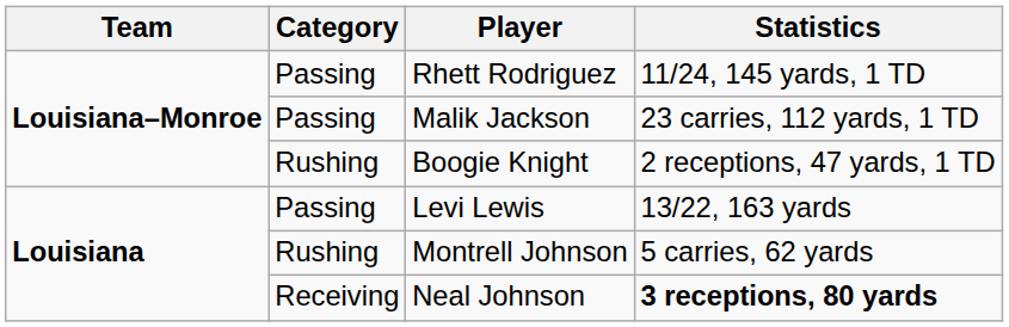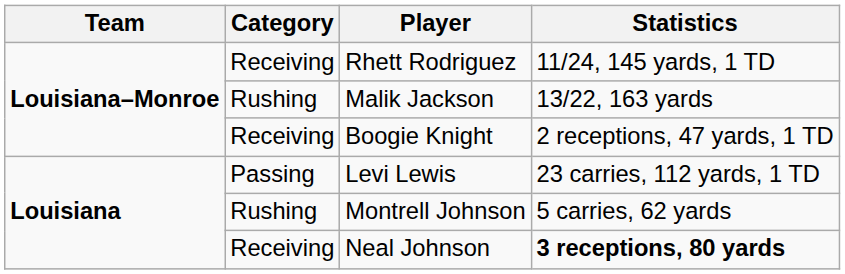 <table class="wikitable" style="float: left;">
 <tr>
 <th>Team</th>
 <th>Category</th>
 <th>Player</th>
 <th>Statistics</th>
 </tr>
 <tr>
 <td rowspan=3><strong>Louisiana–Monroe</strong></td>
-<td>Passing</td>
+<td>Receiving</td>
 <td>Rhett Rodriguez</td>
 <td>11/24, 145 yards, 1 TD</td>
 </tr>
 <tr>
-<td>Passing</td>
+<td>Rushing</td>
 <td>Malik Jackson</td>
-<td>23 carries, 112 yards, 1 TD</td>
+<td>13/22, 163 yards</td>
 </tr>
 <tr>
-<td>Rushing</td>
+<td>Receiving</td>
 <td>Boogie Knight</td>
 <td>2 receptions, 47 yards, 1 TD</td>
 </tr>
 <tr>
 <td rowspan=3><strong>Louisiana</strong></td>
 <td>Passing</td>
 <td>Levi Lewis</td>
-<td>13/22, 163 yards</td>
+<td>23 carries, 112 yards, 1 TD</td>
 </tr>
 <tr>
 <td>Rushing</td>
 <td>Montrell Johnson</td>
 <td>5 carries, 62 yards</td>
 </tr>
 <tr>
 <td>Receiving</td>
 <td>Neal Johnson</td>
 <td><strong>3 receptions, 80 yards</strong></td>
 </tr>
 </table>
